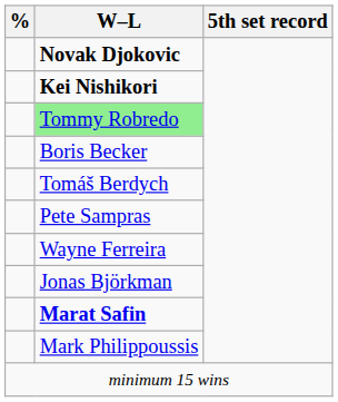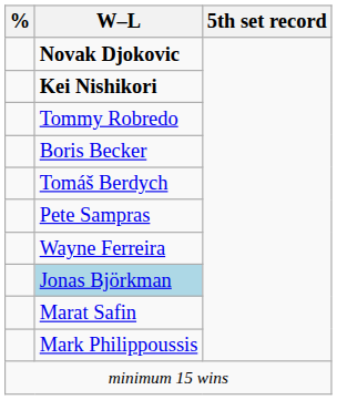 <table class="wikitable nowrap" style="display: inline-table;">
 <tr>
 <th>%</th>
 <th>W–L</th>
 <th>5th set record</th>
 </tr>
 <tr>
 <td></td>
 <td> <strong>Novak Djokovic</strong></td>
 </tr>
 <tr>
 <td></td>
 <td> <strong>Kei Nishikori</strong></td>
 </tr>
 <tr>
 <td></td>
-<td style="background: lightgreen;"> <a href='#'>Tommy Robredo</a></td>
+<td> <a href='#'>Tommy Robredo</a></td>
 </tr>
 <tr>
 <td></td>
 <td> <a href='#'>Boris Becker</a></td>
 </tr>
 <tr>
 <td></td>
 <td> <a href='#'>Tomáš Berdych</a></td>
 </tr>
 <tr>
 <td></td>
 <td> <a href='#'>Pete Sampras</a></td>
 </tr>
 <tr>
 <td></td>
 <td> <a href='#'>Wayne Ferreira</a></td>
 </tr>
 <tr>
 <td></td>
-<td> <a href='#'>Jonas Björkman</a></td>
+<td style="background: lightblue;"> <a href='#'>Jonas Björkman</a></td>
 </tr>
 <tr>
 <td></td>
-<td><strong> <a href='#'>Marat Safin</a></strong></td>
+<td> <a href='#'>Marat Safin</a></td>
 </tr>
 <tr>
 <td></td>
 <td> <a href='#'>Mark Philippoussis</a></td>
 </tr>
 <tr>
 <td align=center colspan=4><small><em>minimum 15 wins</em></small></td>
 </tr>
 </table>
